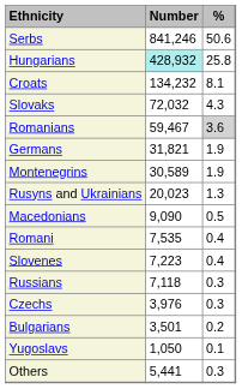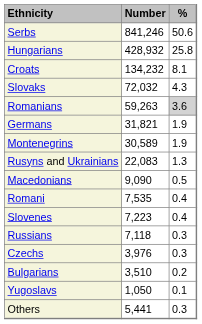 <table border=1 cellpadding=4 cellspacing=0 class="toccolours" style="align: left; margin: 0.5em 0 0 0; border-style: solid; border: 1px solid #7f7f7f; border-right-width: 2px; border-bottom-width: 2px; border-collapse: collapse; font-size: 95%;">
 <tr>
 <td style="background:#c1c1c1;"><strong>Ethnicity</strong></td>
 <td colspan=1 style="background:#c1c1c1;" align="center"><strong>Number</strong></td>
 <td colspan=1 style="background:#c1c1c1;" align="center"><strong>%</strong></td>
 </tr>
 <tr>
 <td style="background:#F5F5DC;"><a href='#'>Serbs</a></td>
 <td>841,246</td>
 <td>50.6</td>
 </tr>
 <tr>
 <td style="background:#F5F5DC;"><a href='#'>Hungarians</a></td>
-<td style="background: paleturquoise;">428,932</td>
+<td>428,932</td>
 <td>25.8</td>
 </tr>
 <tr>
 <td style="background:#F5F5DC;"><a href='#'>Croats</a></td>
 <td>134,232</td>
 <td>8.1</td>
 </tr>
 <tr>
 <td style="background:#F5F5DC;"><a href='#'>Slovaks</a></td>
 <td>72,032</td>
 <td>4.3</td>
 </tr>
 <tr>
 <td style="background:#F5F5DC;"><a href='#'>Romanians</a></td>
-<td>59,467</td>
+<td>59,263</td>
 <td style="background: lightgrey;">3.6</td>
 </tr>
 <tr>
 <td style="background:#F5F5DC;"><a href='#'>Germans</a></td>
 <td>31,821</td>
 <td>1.9</td>
 </tr>
 <tr>
 <td style="background:#F5F5DC;"><a href='#'>Montenegrins</a></td>
 <td>30,589</td>
 <td>1.9</td>
 </tr>
 <tr>
 <td style="background:#F5F5DC;"><a href='#'>Rusyns</a> and <a href='#'>Ukrainians</a></td>
-<td>20,023</td>
+<td>22,083</td>
 <td>1.3</td>
 </tr>
 <tr>
 <td style="background:#F5F5DC;"><a href='#'>Macedonians</a></td>
 <td>9,090</td>
 <td>0.5</td>
 </tr>
 <tr>
 <td style="background:#F5F5DC;"><a href='#'>Romani</a></td>
 <td>7,535</td>
 <td>0.4</td>
 </tr>
 <tr>
 <td style="background:#F5F5DC;"><a href='#'>Slovenes</a></td>
 <td>7,223</td>
 <td>0.4</td>
 </tr>
 <tr>
 <td style="background:#F5F5DC;"><a href='#'>Russians</a></td>
 <td>7,118</td>
 <td>0.3</td>
 </tr>
 <tr>
 <td style="background:#F5F5DC;"><a href='#'>Czechs</a></td>
 <td>3,976</td>
 <td>0.3</td>
 </tr>
 <tr>
 <td style="background:#F5F5DC;"><a href='#'>Bulgarians</a></td>
-<td>3,501</td>
+<td>3,510</td>
 <td>0.2</td>
 </tr>
 <tr>
 <td style="background:#F5F5DC;"><a href='#'>Yugoslavs</a></td>
 <td>1,050</td>
 <td>0.1</td>
 </tr>
 <tr>
 <td style="background:#F5F5DC;">Others</td>
 <td>5,441</td>
 <td>0.3</td>
 </tr>
 </table>
